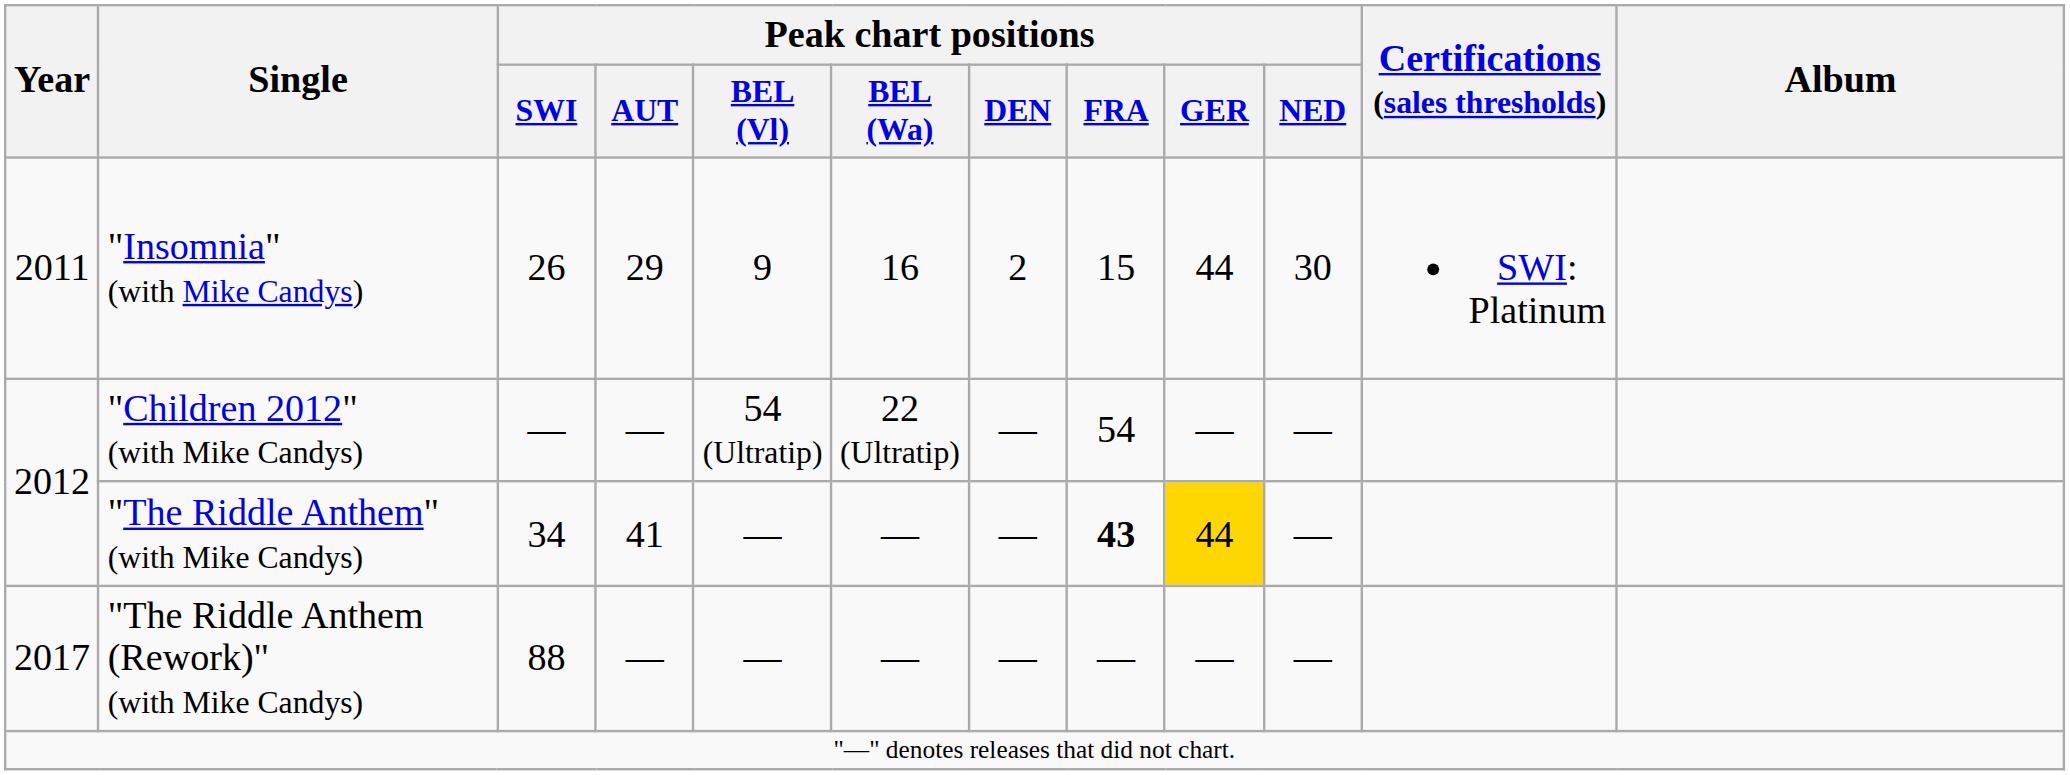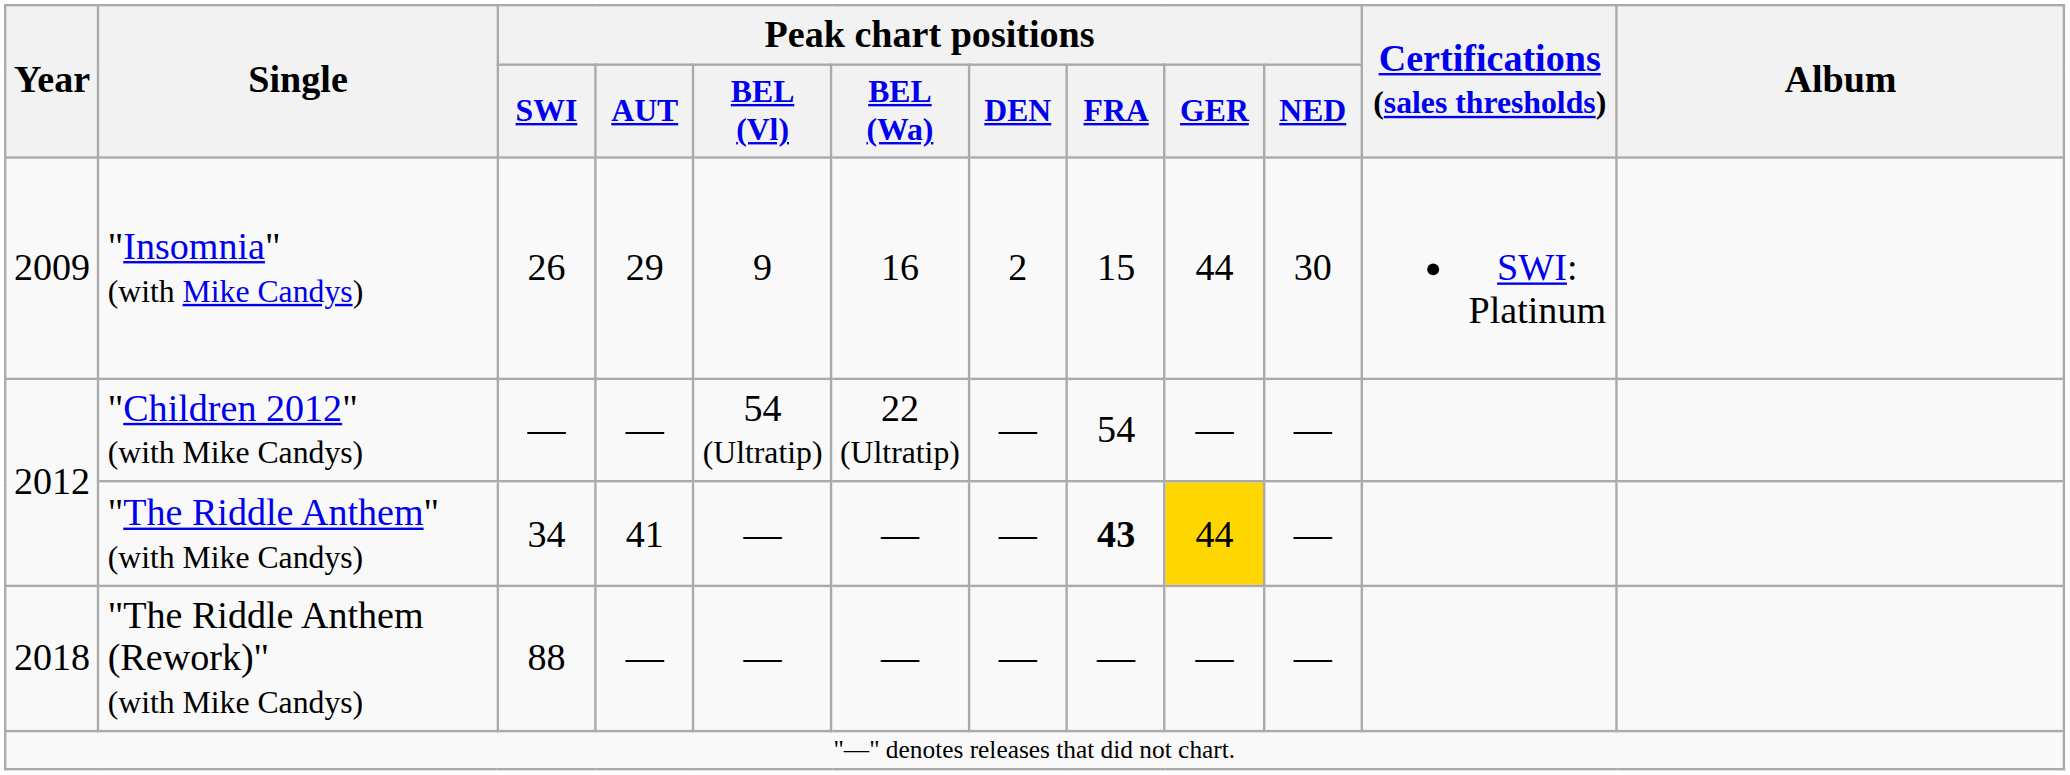 <table class="wikitable" style="text-align:center;">
 <tr>
 <th rowspan="2" width="10">Year</th>
 <th rowspan="2" width="160">Single</th>
 <th colspan="8">Peak chart positions</th>
 <th rowspan="2" width="100"><a href='#'>Certifications</a><br><small>(<a href='#'>sales thresholds</a>)</small></th>
 <th rowspan="2" width="180">Album</th>
 </tr>
 <tr style="font-size:smaller;">
 <th width="35"><a href='#'>SWI</a><br></th>
 <th width="35"><a href='#'>AUT</a><br></th>
 <th width="35"><a href='#'>BEL<br>(Vl)</a><br></th>
 <th width="35"><a href='#'>BEL<br>(Wa)</a><br></th>
 <th width="35"><a href='#'>DEN</a><br></th>
 <th width="35"><a href='#'>FRA</a><br></th>
 <th width="35"><a href='#'>GER</a><br></th>
 <th width="35"><a href='#'>NED</a><br></th>
 </tr>
 <tr>
-<td>2011</td>
+<td>2009</td>
 <td align="left">"<a href='#'>Insomnia</a>" <br><small>(with <a href='#'>Mike Candys</a>)</small></td>
 <td>26</td>
 <td>29</td>
 <td>9</td>
 <td>16</td>
 <td>2</td>
 <td>15</td>
 <td>44</td>
 <td>30</td>
 <td><br><ul><li><a href='#'>SWI</a>: Platinum</li></ul></td>
 <td></td>
 </tr>
 <tr>
 <td rowspan="2">2012</td>
 <td align="left">"<a href='#'>Children 2012</a>" <br><small>(with Mike Candys)</small></td>
 <td>—</td>
 <td>—</td>
 <td>54<br><small>(Ultratip)</small></td>
 <td>22<br><small>(Ultratip)</small></td>
 <td>—</td>
 <td>54</td>
 <td>—</td>
 <td>—</td>
 <td></td>
 <td></td>
 </tr>
 <tr>
 <td align="left">"<a href='#'>The Riddle Anthem</a>" <br><small>(with Mike Candys)</small></td>
 <td>34</td>
 <td>41</td>
 <td>—</td>
 <td>—</td>
 <td>—</td>
 <td><strong>43</strong></td>
 <td style="background: gold;">44</td>
 <td>—</td>
 <td></td>
 <td></td>
 </tr>
 <tr>
-<td>2017</td>
+<td>2018</td>
 <td align="left">"The Riddle Anthem (Rework)" <br><small>(with Mike Candys)</small></td>
 <td>88</td>
 <td>—</td>
 <td>—</td>
 <td>—</td>
 <td>—</td>
 <td>—</td>
 <td>—</td>
 <td>—</td>
 <td></td>
 <td></td>
 </tr>
 <tr>
 <td colspan="15" style="font-size:8pt">"—" denotes releases that did not chart.</td>
 </tr>
 </table>
